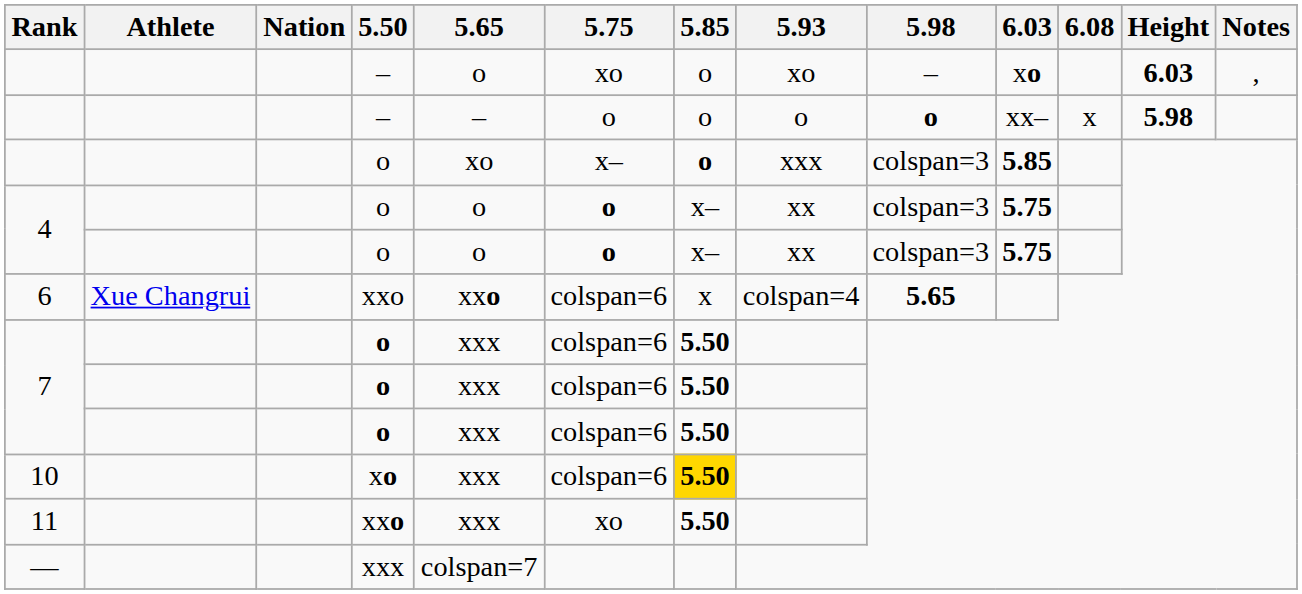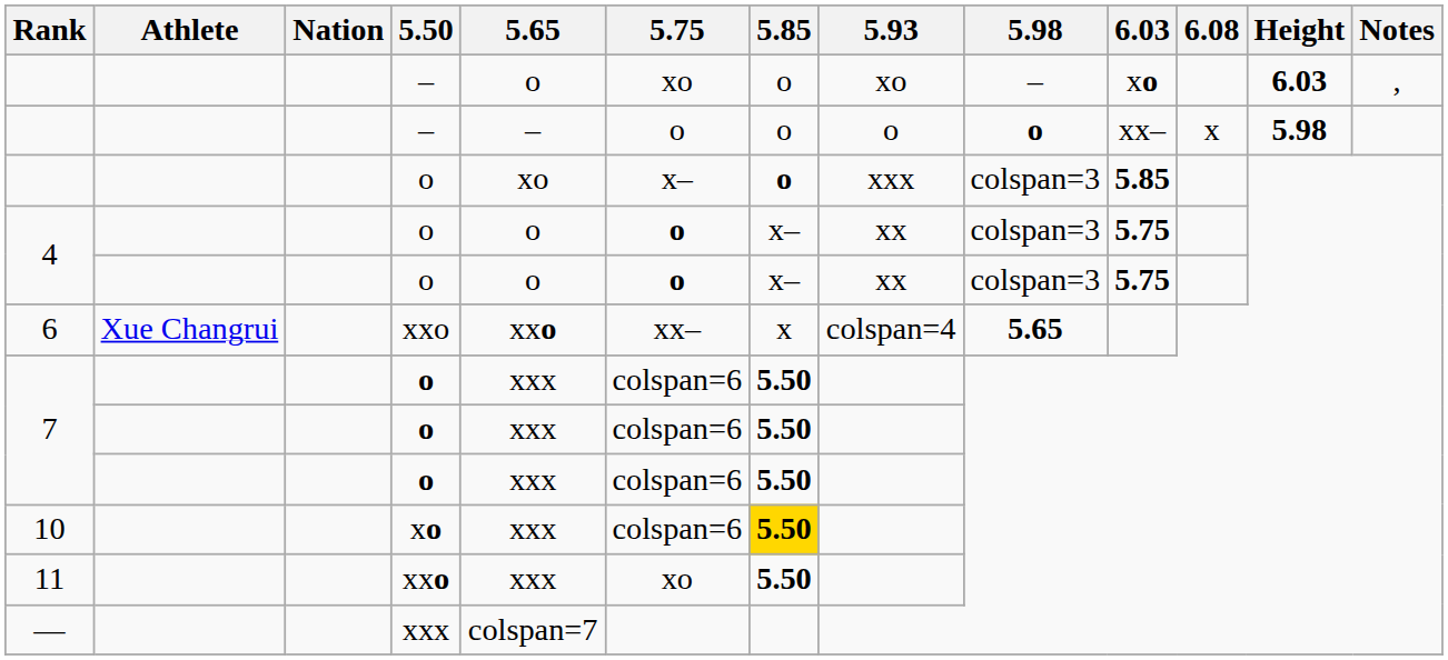 <table class="wikitable sortable" style="text-align:center">
 <tr>
 <th>Rank</th>
 <th>Athlete</th>
 <th>Nation</th>
 <th>5.50</th>
 <th>5.65</th>
 <th>5.75</th>
 <th>5.85</th>
 <th>5.93</th>
 <th>5.98</th>
 <th>6.03</th>
 <th>6.08</th>
 <th>Height</th>
 <th>Notes</th>
 </tr>
 <tr>
 <td></td>
 <td align=left></td>
 <td align=left></td>
 <td>–</td>
 <td>o</td>
 <td>xo</td>
 <td>o</td>
 <td>xo</td>
 <td>–</td>
 <td>x<strong>o</strong></td>
 <td></td>
 <td><strong>6.03</strong></td>
 <td>, </td>
 </tr>
 <tr>
 <td></td>
 <td align=left></td>
 <td align=left></td>
 <td>–</td>
 <td>–</td>
 <td>o</td>
 <td>o</td>
 <td>o</td>
 <td><strong>o</strong></td>
 <td>xx–</td>
 <td>x</td>
 <td><strong>5.98</strong></td>
 <td></td>
 </tr>
 <tr>
 <td></td>
 <td align=left></td>
 <td align=left></td>
 <td>o</td>
 <td>xo</td>
 <td>x–</td>
 <td><strong>o</strong></td>
 <td>xxx</td>
 <td>colspan=3 </td>
 <td><strong>5.85</strong></td>
 <td></td>
 </tr>
 <tr>
 <td rowspan=2>4</td>
 <td align=left></td>
 <td align=left></td>
 <td>o</td>
 <td>o</td>
 <td><strong>o</strong></td>
 <td>x–</td>
 <td>xx</td>
 <td>colspan=3 </td>
 <td><strong>5.75</strong></td>
 <td></td>
 </tr>
 <tr>
 <td align=left></td>
 <td align=left></td>
 <td>o</td>
 <td>o</td>
 <td><strong>o</strong></td>
 <td>x–</td>
 <td>xx</td>
 <td>colspan=3 </td>
 <td><strong>5.75</strong></td>
 <td></td>
 </tr>
 <tr>
 <td>6</td>
 <td align=left><a href='#'>Xue Changrui</a></td>
 <td align=left></td>
 <td>xxo</td>
 <td>xx<strong>o</strong></td>
-<td>colspan=6 </td>
+<td>xx–</td>
 <td>x</td>
 <td>colspan=4 </td>
 <td><strong>5.65</strong></td>
 <td></td>
 </tr>
 <tr>
 <td rowspan=3>7</td>
 <td align=left></td>
 <td align=left></td>
 <td><strong>o</strong></td>
 <td>xxx</td>
 <td>colspan=6 </td>
 <td><strong>5.50</strong></td>
 <td></td>
 </tr>
 <tr>
 <td align=left></td>
 <td align=left></td>
 <td><strong>o</strong></td>
 <td>xxx</td>
 <td>colspan=6 </td>
 <td><strong>5.50</strong></td>
 <td></td>
 </tr>
 <tr>
 <td align=left></td>
 <td align=left></td>
 <td><strong>o</strong></td>
 <td>xxx</td>
 <td>colspan=6 </td>
 <td><strong>5.50</strong></td>
 <td></td>
 </tr>
 <tr>
 <td>10</td>
 <td align=left></td>
 <td align=left></td>
 <td>x<strong>o</strong></td>
 <td>xxx</td>
 <td>colspan=6 </td>
 <td style="background: gold;"><strong>5.50</strong></td>
 <td></td>
 </tr>
 <tr>
 <td>11</td>
 <td align=left></td>
 <td align=left></td>
 <td>xx<strong>o</strong></td>
 <td>xxx</td>
 <td>xo</td>
 <td><strong>5.50</strong></td>
 <td></td>
 </tr>
 <tr>
 <td data-sort-value=12>—</td>
 <td align=left></td>
 <td align=left></td>
 <td>xxx</td>
 <td>colspan=7 </td>
 <td data-sort-value=1.00></td>
 <td></td>
 </tr>
 </table>
